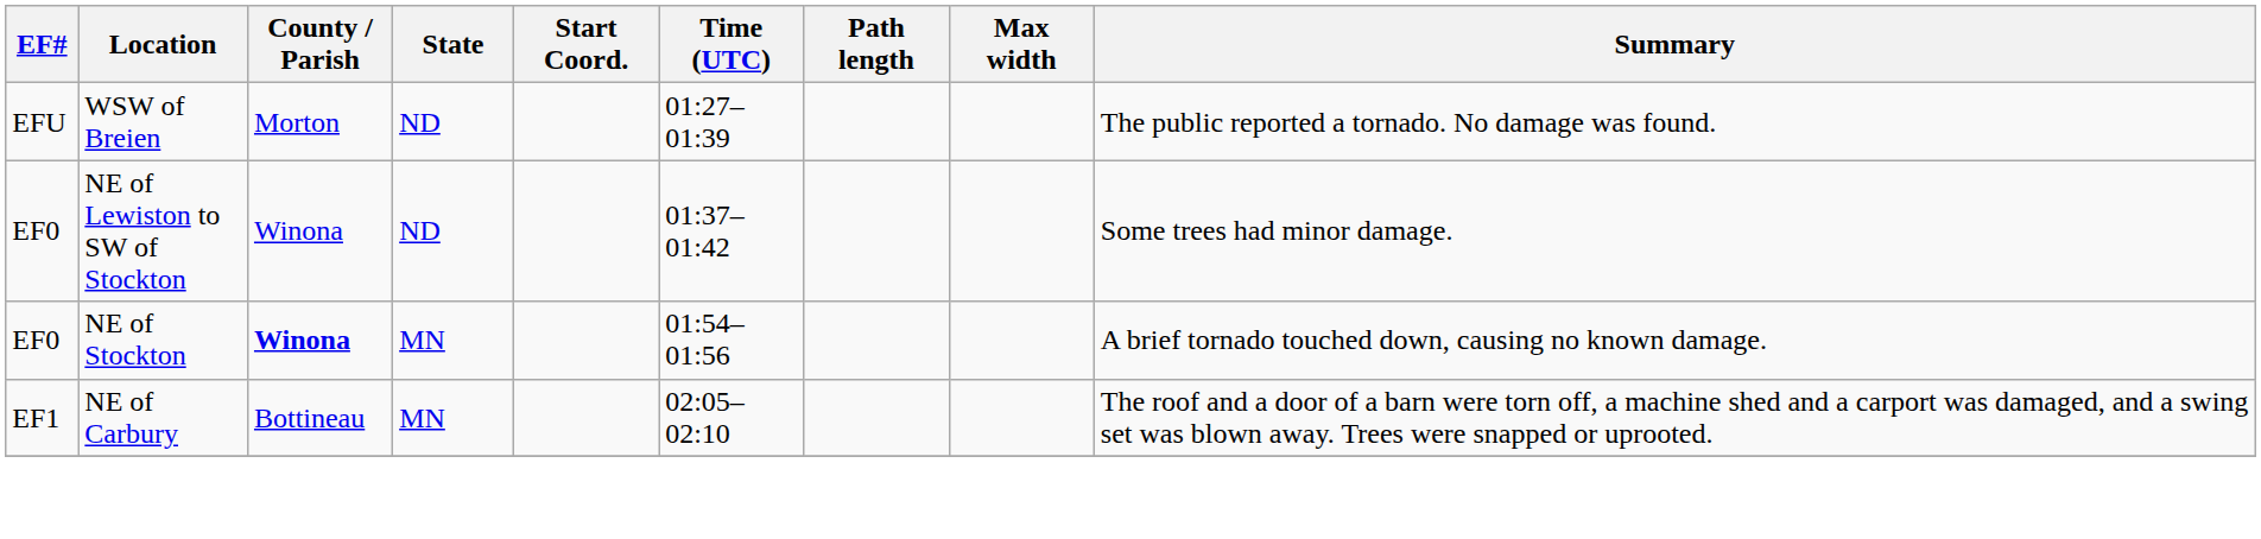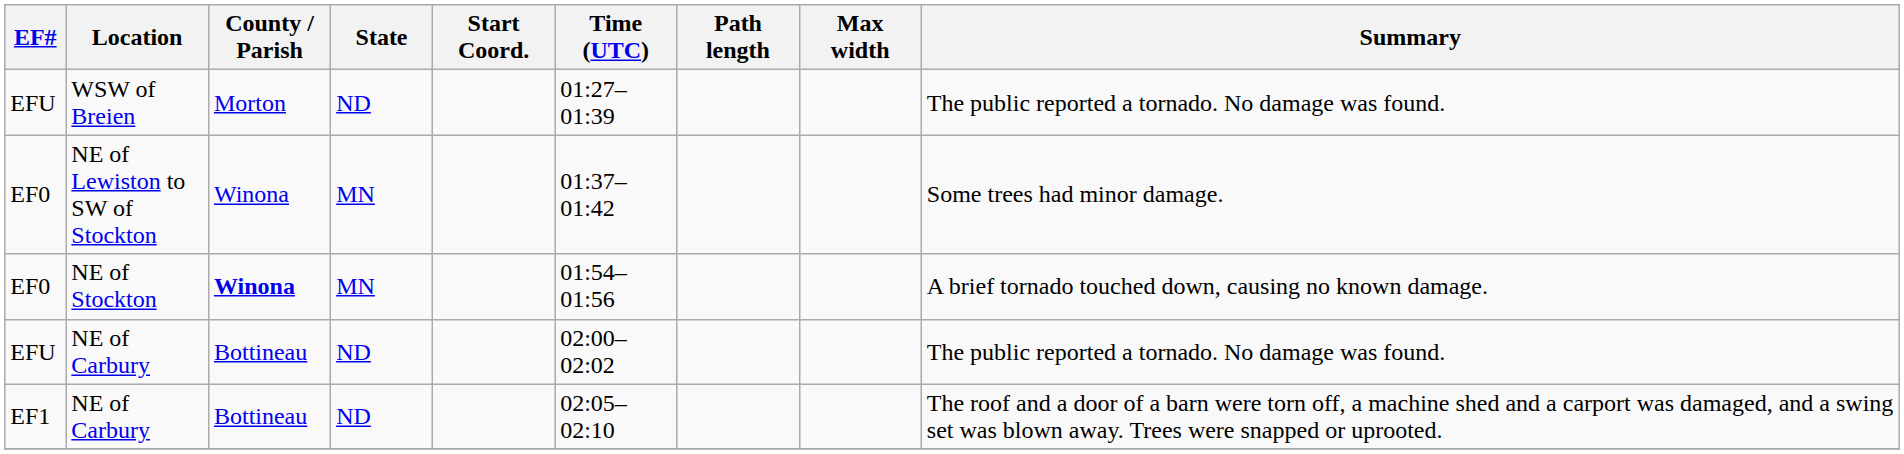 <table class="wikitable sortable" style="width:100%;">
 <tr>
 <th scope="col"  style="width:3%; text-align:center;"><a href='#'>EF#</a></th>
 <th scope="col"  style="width:7%; text-align:center;" class="unsortable">Location</th>
 <th scope="col"  style="width:6%; text-align:center;" class="unsortable">County / Parish</th>
 <th scope="col"  style="width:5%; text-align:center;">State</th>
 <th scope="col"  style="width:6%; text-align:center;">Start Coord.</th>
 <th scope="col"  style="width:6%; text-align:center;">Time (<a href='#'>UTC</a>)</th>
 <th scope="col"  style="width:6%; text-align:center;">Path length</th>
 <th scope="col"  style="width:6%; text-align:center;">Max width</th>
 <th scope="col" class="unsortable" style="width:48%; text-align:center;">Summary</th>
 </tr>
 <tr>
 <td>EFU</td>
 <td>WSW of <a href='#'>Breien</a></td>
 <td><a href='#'>Morton</a></td>
 <td><a href='#'>ND</a></td>
 <td></td>
 <td>01:27–01:39</td>
 <td></td>
 <td></td>
 <td>The public reported a tornado. No damage was found.</td>
 </tr>
 <tr>
 <td>EF0</td>
 <td>NE of <a href='#'>Lewiston</a> to SW of <a href='#'>Stockton</a></td>
 <td><a href='#'>Winona</a></td>
-<td><a href='#'>ND</a></td>
+<td><a href='#'>MN</a></td>
 <td></td>
 <td>01:37–01:42</td>
 <td></td>
 <td></td>
 <td>Some trees had minor damage.</td>
 </tr>
 <tr>
 <td>EF0</td>
 <td>NE of <a href='#'>Stockton</a></td>
 <td><strong><a href='#'>Winona</a></strong></td>
 <td><a href='#'>MN</a></td>
 <td></td>
 <td>01:54–01:56</td>
 <td></td>
 <td></td>
 <td>A brief tornado touched down, causing no known damage.</td>
 </tr>
 <tr>
+<td>EFU</td>
+<td>NE of <a href='#'>Carbury</a></td>
+<td><a href='#'>Bottineau</a></td>
+<td><a href='#'>ND</a></td>
+<td></td>
+<td>02:00–02:02</td>
+<td></td>
+<td></td>
+<td>The public reported a tornado. No damage was found.</td>
+</tr>
+<tr>
 <td>EF1</td>
 <td>NE of <a href='#'>Carbury</a></td>
 <td><a href='#'>Bottineau</a></td>
-<td><a href='#'>MN</a></td>
+<td><a href='#'>ND</a></td>
 <td></td>
 <td>02:05–02:10</td>
 <td></td>
 <td></td>
 <td>The roof and a door of a barn were torn off, a machine shed and a carport was damaged, and a swing set was blown away. Trees were snapped or uprooted.</td>
 </tr>
 <tr>
 </tr>
 </table>
